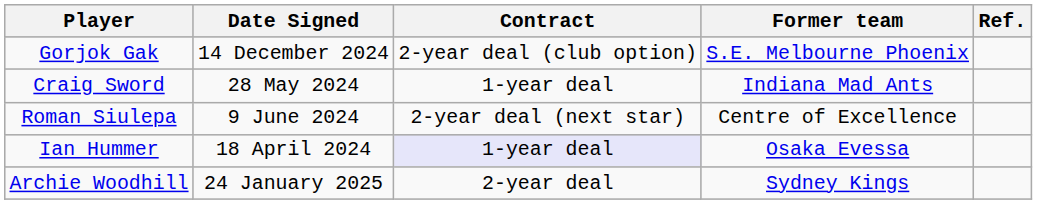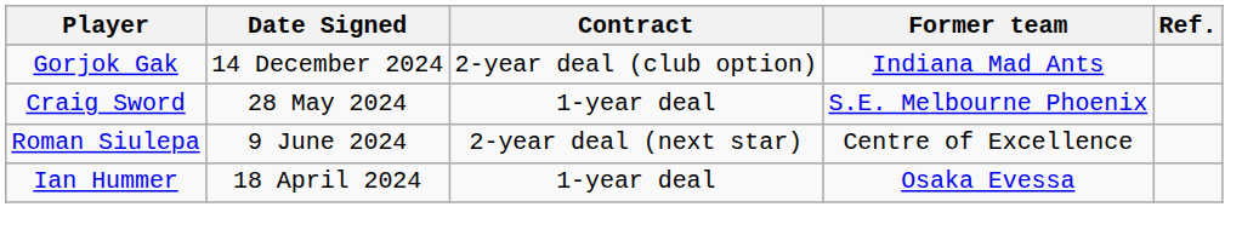 <table class="wikitable sortable sortable" style="text-align: center">
 <tr>
 <th>Player</th>
 <th>Date Signed</th>
 <th>Contract</th>
 <th>Former team</th>
 <th>Ref.</th>
 </tr>
 <tr>
 <td><a href='#'>Gorjok Gak</a></td>
 <td>14 December 2024</td>
 <td>2-year deal (club option)</td>
-<td><a href='#'>S.E. Melbourne Phoenix</a></td>
+<td><a href='#'>Indiana Mad Ants</a></td>
 <td></td>
 </tr>
 <tr>
 <td><a href='#'>Craig Sword</a></td>
 <td>28 May 2024</td>
 <td>1-year deal</td>
-<td><a href='#'>Indiana Mad Ants</a></td>
+<td><a href='#'>S.E. Melbourne Phoenix</a></td>
 <td></td>
 </tr>
 <tr>
 <td><a href='#'>Roman Siulepa</a></td>
 <td>9 June 2024</td>
 <td>2-year deal (next star)</td>
 <td>Centre of Excellence</td>
 <td></td>
 </tr>
 <tr>
 <td><a href='#'>Ian Hummer</a></td>
 <td>18 April 2024</td>
-<td style="background: lavender;">1-year deal</td>
+<td>1-year deal</td>
 <td><a href='#'>Osaka Evessa</a></td>
 <td></td>
 </tr>
-<tr>
-<td><a href='#'>Archie Woodhill</a></td>
-<td>24 January 2025</td>
-<td>2-year deal</td>
-<td><a href='#'>Sydney Kings</a></td>
-<td></td>
-</tr>
 </table>
